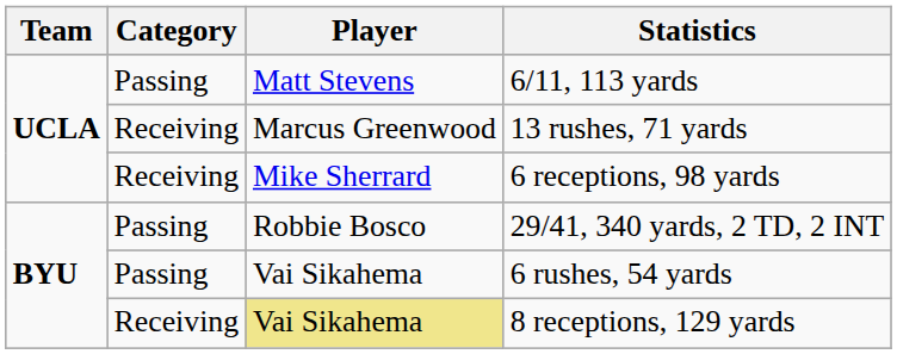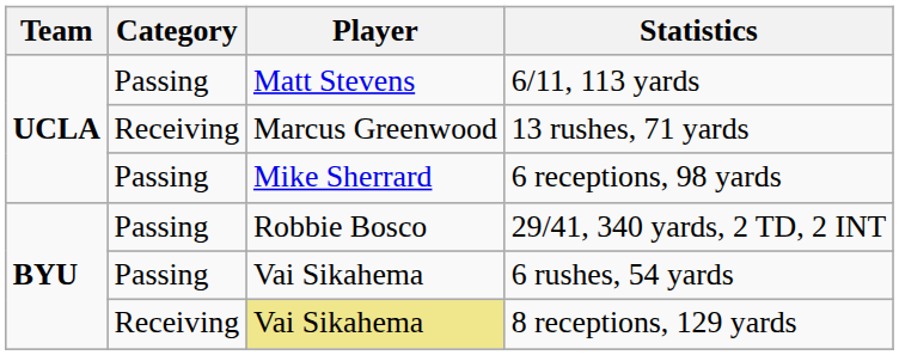 <table class="wikitable" style="float: left;">
 <tr>
 <th>Team</th>
 <th>Category</th>
 <th>Player</th>
 <th>Statistics</th>
 </tr>
 <tr>
 <td rowspan=3><strong>UCLA</strong></td>
 <td>Passing</td>
 <td><a href='#'>Matt Stevens</a></td>
 <td>6/11, 113 yards</td>
 </tr>
 <tr>
 <td>Receiving</td>
 <td>Marcus Greenwood</td>
 <td>13 rushes, 71 yards</td>
 </tr>
 <tr>
-<td>Receiving</td>
+<td>Passing</td>
 <td><a href='#'>Mike Sherrard</a></td>
 <td>6 receptions, 98 yards</td>
 </tr>
 <tr>
 <td rowspan=3><strong>BYU</strong></td>
 <td>Passing</td>
 <td>Robbie Bosco</td>
 <td>29/41, 340 yards, 2 TD, 2 INT</td>
 </tr>
 <tr>
 <td>Passing</td>
 <td>Vai Sikahema</td>
 <td>6 rushes, 54 yards</td>
 </tr>
 <tr>
 <td>Receiving</td>
 <td style="background: khaki;">Vai Sikahema</td>
 <td>8 receptions, 129 yards</td>
 </tr>
 </table>
